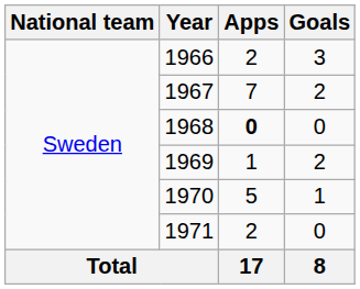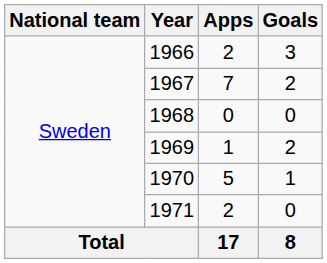 <table class="wikitable" style="text-align:center">
 <tr>
 <th>National team</th>
 <th>Year</th>
 <th>Apps</th>
 <th>Goals</th>
 </tr>
 <tr>
 <td rowspan="6"><a href='#'>Sweden</a></td>
 <td>1966</td>
 <td>2</td>
 <td>3</td>
 </tr>
 <tr>
 <td>1967</td>
 <td>7</td>
 <td>2</td>
 </tr>
 <tr>
 <td>1968</td>
-<td><strong>0</strong></td>
+<td>0</td>
 <td>0</td>
 </tr>
 <tr>
 <td>1969</td>
 <td>1</td>
 <td>2</td>
 </tr>
 <tr>
 <td>1970</td>
 <td>5</td>
 <td>1</td>
 </tr>
 <tr>
 <td>1971</td>
 <td>2</td>
 <td>0</td>
 </tr>
 <tr>
 <th colspan="2">Total</th>
 <th>17</th>
 <th>8</th>
 </tr>
 </table>
